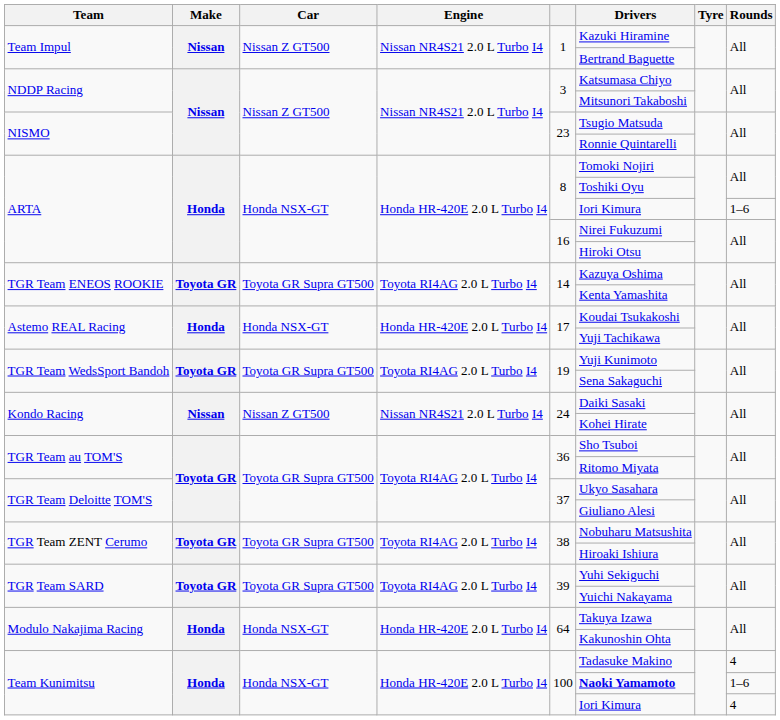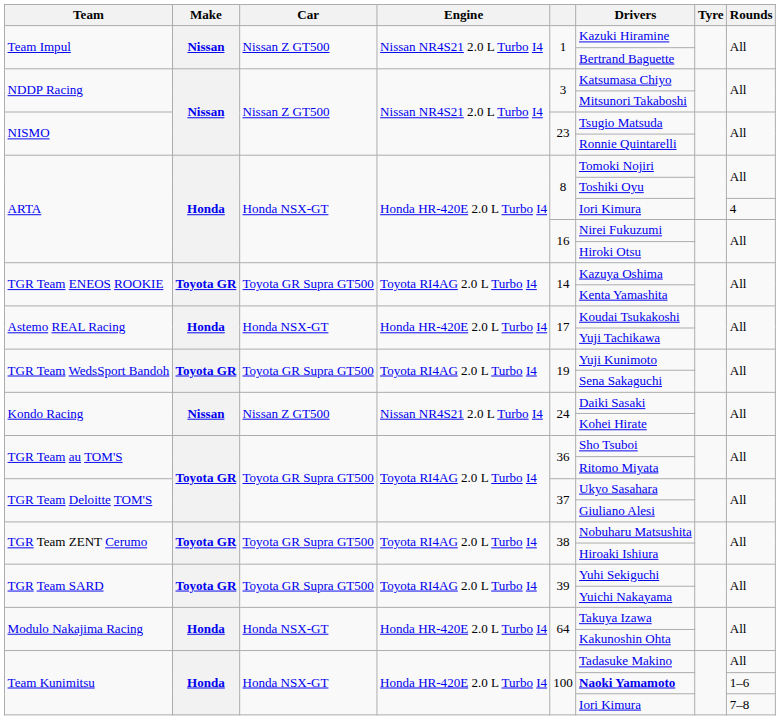 <table class="wikitable" style="font-size: 85%">
 <tr>
 <th>Team</th>
 <th>Make</th>
 <th>Car</th>
 <th>Engine</th>
 <th></th>
 <th>Drivers</th>
 <th>Tyre</th>
 <th>Rounds</th>
 </tr>
 <tr>
 <td rowspan=2><a href='#'>Team Impul</a></td>
 <th rowspan=2><a href='#'>Nissan</a></th>
 <td rowspan=2><a href='#'>Nissan Z GT500</a></td>
 <td rowspan=2><a href='#'>Nissan NR4S21</a> 2.0 L <a href='#'>Turbo</a> <a href='#'>I4</a></td>
 <td align="center" rowspan=2>1</td>
 <td> <a href='#'>Kazuki Hiramine</a></td>
 <td rowspan=2 align=center></td>
 <td rowspan="2">All</td>
 </tr>
 <tr>
 <td> <a href='#'>Bertrand Baguette</a></td>
 </tr>
 <tr>
 <td rowspan=2><a href='#'>NDDP Racing</a></td>
 <th rowspan=4><a href='#'>Nissan</a></th>
 <td rowspan=4><a href='#'>Nissan Z GT500</a></td>
 <td rowspan=4><a href='#'>Nissan NR4S21</a> 2.0 L <a href='#'>Turbo</a> <a href='#'>I4</a></td>
 <td align="center" rowspan=2>3</td>
 <td> <a href='#'>Katsumasa Chiyo</a></td>
 <td rowspan=2 align=center></td>
 <td rowspan="2">All</td>
 </tr>
 <tr>
 <td> <a href='#'>Mitsunori Takaboshi</a></td>
 </tr>
 <tr>
 <td rowspan=2><a href='#'>NISMO</a></td>
 <td align="center" rowspan=2>23</td>
 <td> <a href='#'>Tsugio Matsuda</a></td>
 <td rowspan=2 align=center></td>
 <td rowspan="2">All</td>
 </tr>
 <tr>
 <td> <a href='#'>Ronnie Quintarelli</a></td>
 </tr>
 <tr>
 <td rowspan=5><a href='#'>ARTA</a></td>
 <th rowspan=5><a href='#'>Honda</a></th>
 <td rowspan=5><a href='#'>Honda NSX-GT</a></td>
 <td rowspan=5><a href='#'>Honda HR-420E</a> 2.0 L <a href='#'>Turbo</a> <a href='#'>I4</a></td>
 <td align="center" rowspan=3>8</td>
 <td> <a href='#'>Tomoki Nojiri</a></td>
 <td rowspan=3 align=center></td>
 <td rowspan="2">All</td>
 </tr>
 <tr>
 <td> <a href='#'>Toshiki Oyu</a></td>
 </tr>
 <tr>
 <td> <a href='#'>Iori Kimura</a></td>
-<td>1–6</td>
+<td>4</td>
 </tr>
 <tr>
 <td align="center" rowspan=2>16</td>
 <td> <a href='#'>Nirei Fukuzumi</a></td>
 <td rowspan=2 align=center></td>
 <td rowspan="2">All</td>
 </tr>
 <tr>
 <td> <a href='#'>Hiroki Otsu</a></td>
 </tr>
 <tr>
 <td rowspan=2><a href='#'>TGR Team</a> <a href='#'>ENEOS</a> <a href='#'>ROOKIE</a></td>
 <th rowspan=2><a href='#'>Toyota GR</a></th>
 <td rowspan=2><a href='#'>Toyota GR Supra GT500</a></td>
 <td rowspan=2><a href='#'>Toyota RI4AG</a> 2.0 L <a href='#'>Turbo</a> <a href='#'>I4</a></td>
 <td align="center" rowspan=2>14</td>
 <td> <a href='#'>Kazuya Oshima</a></td>
 <td rowspan=2 align=center></td>
 <td rowspan="2">All</td>
 </tr>
 <tr>
 <td> <a href='#'>Kenta Yamashita</a></td>
 </tr>
 <tr>
 <td rowspan=2><a href='#'>Astemo</a> <a href='#'>REAL Racing</a></td>
 <th rowspan=2><a href='#'>Honda</a></th>
 <td rowspan=2><a href='#'>Honda NSX-GT</a></td>
 <td rowspan=2><a href='#'>Honda HR-420E</a> 2.0 L <a href='#'>Turbo</a> <a href='#'>I4</a></td>
 <td align="center" rowspan=2>17</td>
 <td> <a href='#'>Koudai Tsukakoshi</a></td>
 <td rowspan="2"  align=center></td>
 <td rowspan="2">All</td>
 </tr>
 <tr>
 <td> <a href='#'>Yuji Tachikawa</a></td>
 </tr>
 <tr>
 <td rowspan=2><a href='#'>TGR Team</a> <a href='#'>WedsSport Bandoh</a></td>
 <th rowspan=2><a href='#'>Toyota GR</a></th>
 <td rowspan=2><a href='#'>Toyota GR Supra GT500</a></td>
 <td rowspan=2><a href='#'>Toyota RI4AG</a> 2.0 L <a href='#'>Turbo</a> <a href='#'>I4</a></td>
 <td align="center" rowspan=2>19</td>
 <td> <a href='#'>Yuji Kunimoto</a></td>
 <td rowspan=2 align=center></td>
 <td rowspan="2">All</td>
 </tr>
 <tr>
 <td> <a href='#'>Sena Sakaguchi</a></td>
 </tr>
 <tr>
 <td rowspan=2><a href='#'>Kondo Racing</a></td>
 <th rowspan=2><a href='#'>Nissan</a></th>
 <td rowspan=2><a href='#'>Nissan Z GT500</a></td>
 <td rowspan=2><a href='#'>Nissan NR4S21</a> 2.0 L <a href='#'>Turbo</a> <a href='#'>I4</a></td>
 <td align="center" rowspan=2>24</td>
 <td> <a href='#'>Daiki Sasaki</a></td>
 <td rowspan=2 align=center></td>
 <td rowspan="2">All</td>
 </tr>
 <tr>
 <td> <a href='#'>Kohei Hirate</a></td>
 </tr>
 <tr>
 <td rowspan=2><a href='#'>TGR Team</a> <a href='#'>au</a> <a href='#'>TOM'S</a></td>
 <th rowspan=4><a href='#'>Toyota GR</a></th>
 <td rowspan=4><a href='#'>Toyota GR Supra GT500</a></td>
 <td rowspan=4><a href='#'>Toyota RI4AG</a> 2.0 L <a href='#'>Turbo</a> <a href='#'>I4</a></td>
 <td align="center" rowspan="2">36</td>
 <td> <a href='#'>Sho Tsuboi</a></td>
 <td rowspan="2" align="center"></td>
 <td rowspan="2">All</td>
 </tr>
 <tr>
 <td> <a href='#'>Ritomo Miyata</a></td>
 </tr>
 <tr>
 <td rowspan=2><a href='#'>TGR Team</a> <a href='#'>Deloitte</a> <a href='#'>TOM'S</a></td>
 <td align="center" rowspan="2">37</td>
 <td> <a href='#'>Ukyo Sasahara</a></td>
 <td rowspan="2" align="center"></td>
 <td rowspan="2">All</td>
 </tr>
 <tr>
 <td> <a href='#'>Giuliano Alesi</a></td>
 </tr>
 <tr>
 <td rowspan=2><a href='#'>TGR</a> Team ZENT <a href='#'>Cerumo</a></td>
 <th rowspan=2><a href='#'>Toyota GR</a></th>
 <td rowspan=2><a href='#'>Toyota GR Supra GT500</a></td>
 <td rowspan=2><a href='#'>Toyota RI4AG</a> 2.0 L <a href='#'>Turbo</a> <a href='#'>I4</a></td>
 <td align="center" rowspan=2>38</td>
 <td> <a href='#'>Nobuharu Matsushita</a></td>
 <td rowspan=2 align=center></td>
 <td rowspan="2">All</td>
 </tr>
 <tr>
 <td> <a href='#'>Hiroaki Ishiura</a></td>
 </tr>
 <tr>
 <td rowspan=2><a href='#'>TGR</a> <a href='#'>Team SARD</a></td>
 <th rowspan=2><a href='#'>Toyota GR</a></th>
 <td rowspan=2><a href='#'>Toyota GR Supra GT500</a></td>
 <td rowspan=2><a href='#'>Toyota RI4AG</a> 2.0 L <a href='#'>Turbo</a> <a href='#'>I4</a></td>
 <td align="center" rowspan=2>39</td>
 <td> <a href='#'>Yuhi Sekiguchi</a></td>
 <td rowspan=2 align="center"></td>
 <td rowspan="2">All</td>
 </tr>
 <tr>
 <td> <a href='#'>Yuichi Nakayama</a></td>
 </tr>
 <tr>
 <td rowspan=2><a href='#'>Modulo Nakajima Racing</a></td>
 <th rowspan=2><a href='#'>Honda</a></th>
 <td rowspan=2><a href='#'>Honda NSX-GT</a></td>
 <td rowspan=2><a href='#'>Honda HR-420E</a> 2.0 L <a href='#'>Turbo</a> <a href='#'>I4</a></td>
 <td align="center" rowspan=2>64</td>
 <td> <a href='#'>Takuya Izawa</a></td>
 <td rowspan=2 align=center></td>
 <td rowspan="2">All</td>
 </tr>
 <tr>
 <td> <a href='#'>Kakunoshin Ohta</a></td>
 </tr>
 <tr>
 <td rowspan=3><a href='#'>Team Kunimitsu</a></td>
 <th rowspan=3><a href='#'>Honda</a></th>
 <td rowspan=3><a href='#'>Honda NSX-GT</a></td>
 <td rowspan=3><a href='#'>Honda HR-420E</a> 2.0 L <a href='#'>Turbo</a> <a href='#'>I4</a></td>
 <td align="center" rowspan=3>100</td>
 <td> <a href='#'>Tadasuke Makino</a></td>
 <td rowspan=3 align=center></td>
-<td>4</td>
+<td>All</td>
 </tr>
 <tr>
 <td><strong> <a href='#'>Naoki Yamamoto</a></strong></td>
 <td>1–6</td>
 </tr>
 <tr>
 <td> <a href='#'>Iori Kimura</a></td>
-<td>4</td>
+<td>7–8</td>
 </tr>
 </table>
